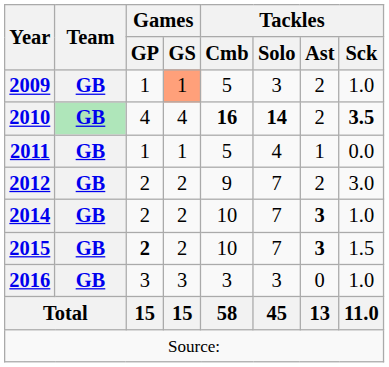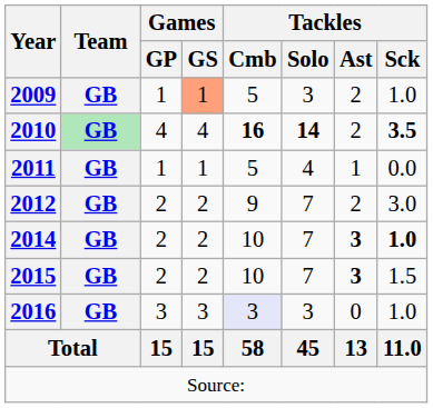 <table class=wikitable style="text-align:center;">
 <tr>
 <th rowspan="2">Year</th>
 <th rowspan="2">Team</th>
 <th colspan="2">Games</th>
 <th colspan="4">Tackles</th>
 </tr>
 <tr>
 <th>GP</th>
 <th>GS</th>
 <th>Cmb</th>
 <th>Solo</th>
 <th>Ast</th>
 <th>Sck</th>
 </tr>
 <tr>
 <th><a href='#'>2009</a></th>
 <th><a href='#'>GB</a></th>
 <td>1</td>
 <td style="background: lightsalmon;">1</td>
 <td>5</td>
 <td>3</td>
 <td>2</td>
 <td>1.0</td>
 </tr>
 <tr>
 <th><a href='#'>2010</a></th>
 <th style="background:#afe6ba; width:3em;"><a href='#'>GB</a></th>
 <td>4</td>
 <td>4</td>
 <td><strong>16</strong></td>
 <td><strong>14</strong></td>
 <td>2</td>
 <td><strong>3.5</strong></td>
 </tr>
 <tr>
 <th><a href='#'>2011</a></th>
 <th><a href='#'>GB</a></th>
 <td>1</td>
 <td>1</td>
 <td>5</td>
 <td>4</td>
 <td>1</td>
 <td>0.0</td>
 </tr>
 <tr>
 <th><a href='#'>2012</a></th>
 <th><a href='#'>GB</a></th>
 <td>2</td>
 <td>2</td>
 <td>9</td>
 <td>7</td>
 <td>2</td>
 <td>3.0</td>
 </tr>
 <tr>
 <th><a href='#'>2014</a></th>
 <th><a href='#'>GB</a></th>
 <td>2</td>
 <td>2</td>
 <td>10</td>
 <td>7</td>
 <td><strong>3</strong></td>
-<td>1.0</td>
+<td><strong>1.0</strong></td>
 </tr>
 <tr>
 <th><a href='#'>2015</a></th>
 <th><a href='#'>GB</a></th>
-<td><strong>2</strong></td>
+<td>2</td>
 <td>2</td>
 <td>10</td>
 <td>7</td>
 <td><strong>3</strong></td>
 <td>1.5</td>
 </tr>
 <tr>
 <th><a href='#'>2016</a></th>
 <th><a href='#'>GB</a></th>
 <td>3</td>
 <td>3</td>
-<td>3</td>
+<td style="background: lavender;">3</td>
 <td>3</td>
 <td>0</td>
 <td>1.0</td>
 </tr>
 <tr>
 <th colspan="2">Total</th>
 <th>15</th>
 <th>15</th>
 <th>58</th>
 <th>45</th>
 <th>13</th>
 <th>11.0</th>
 </tr>
 <tr>
 <td colspan="10"><small>Source: </small></td>
 </tr>
 </table>
